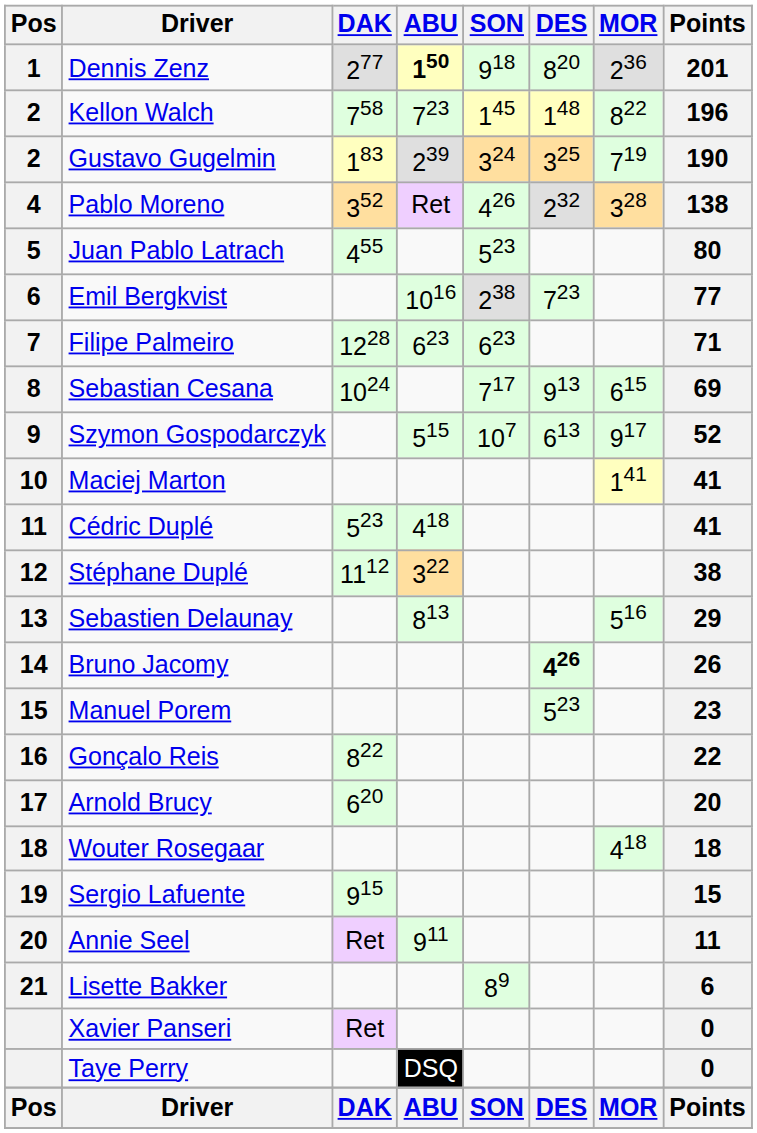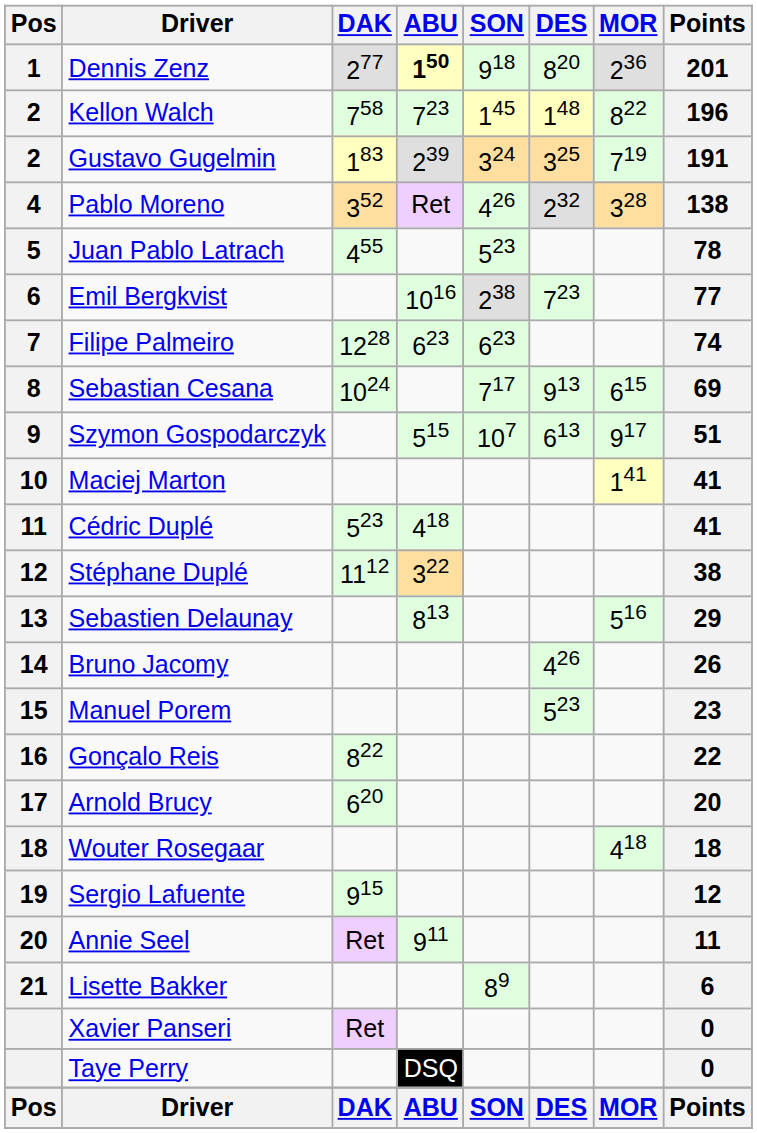 <table class="wikitable" style="font-size: 85%; text-align: center; display: inline-table;">
 <tr valign="top">
 <th valign="middle">Pos</th>
 <th valign="middle">Driver</th>
 <th><a href='#'>DAK</a><br></th>
 <th><a href='#'>ABU</a><br></th>
 <th><a href='#'>SON</a><br></th>
 <th><a href='#'>DES</a><br></th>
 <th><a href='#'>MOR</a><br></th>
 <th valign="middle">Points</th>
 </tr>
 <tr>
 <th>1</th>
 <td align=left> <a href='#'>Dennis Zenz</a></td>
 <td style="background:#dfdfdf;">2<sup>77</sup></td>
 <td style="background:#ffffbf;"><strong>1<sup>50</sup></strong></td>
 <td style="background:#dfffdf;">9<sup>18</sup></td>
 <td style="background:#dfffdf;">8<sup>20</sup></td>
 <td style="background:#dfdfdf;">2<sup>36</sup></td>
 <th>201</th>
 </tr>
 <tr>
 <th>2</th>
 <td align=left> <a href='#'>Kellon Walch</a></td>
 <td style="background:#dfffdf;">7<sup>58</sup></td>
 <td style="background:#dfffdf;">7<sup>23</sup></td>
 <td style="background:#ffffbf;">1<sup>45</sup></td>
 <td style="background:#ffffbf;">1<sup>48</sup></td>
 <td style="background:#dfffdf;">8<sup>22</sup></td>
 <th>196</th>
 </tr>
 <tr>
 <th>2</th>
 <td align=left> <a href='#'>Gustavo Gugelmin</a></td>
 <td style="background:#ffffbf;">1<sup>83</sup></td>
 <td style="background:#dfdfdf;">2<sup>39</sup></td>
 <td style="background:#ffdf9f;">3<sup>24</sup></td>
 <td style="background:#ffdf9f;">3<sup>25</sup></td>
 <td style="background:#dfffdf;">7<sup>19</sup></td>
-<th>190</th>
+<th>191</th>
 </tr>
 <tr>
 <th>4</th>
 <td align=left> <a href='#'>Pablo Moreno</a></td>
 <td style="background:#ffdf9f;">3<sup>52</sup></td>
 <td style="background:#efcfff;">Ret</td>
 <td style="background:#dfffdf;">4<sup>26</sup></td>
 <td style="background:#dfdfdf;">2<sup>32</sup></td>
 <td style="background:#ffdf9f;">3<sup>28</sup></td>
 <th>138</th>
 </tr>
 <tr>
 <th>5</th>
 <td align=left> <a href='#'>Juan Pablo Latrach</a></td>
 <td style="background:#dfffdf;">4<sup>55</sup></td>
 <td></td>
 <td style="background:#dfffdf;">5<sup>23</sup></td>
 <td></td>
 <td></td>
-<th>80</th>
+<th>78</th>
 </tr>
 <tr>
 <th>6</th>
 <td align=left> <a href='#'>Emil Bergkvist</a></td>
 <td></td>
 <td style="background:#dfffdf;">10<sup>16</sup></td>
 <td style="background:#dfdfdf;">2<sup>38</sup></td>
 <td style="background:#dfffdf;">7<sup>23</sup></td>
 <td></td>
 <th>77</th>
 </tr>
 <tr>
 <th>7</th>
 <td align=left> <a href='#'>Filipe Palmeiro</a></td>
 <td style="background:#dfffdf;">12<sup>28</sup></td>
 <td style="background:#dfffdf;">6<sup>23</sup></td>
 <td style="background:#dfffdf;">6<sup>23</sup></td>
 <td></td>
 <td></td>
-<th>71</th>
+<th>74</th>
 </tr>
 <tr>
 <th>8</th>
 <td align=left> <a href='#'>Sebastian Cesana</a></td>
 <td style="background:#dfffdf;">10<sup>24</sup></td>
 <td></td>
 <td style="background:#dfffdf;">7<sup>17</sup></td>
 <td style="background:#dfffdf;">9<sup>13</sup></td>
 <td style="background:#dfffdf;">6<sup>15</sup></td>
 <th>69</th>
 </tr>
 <tr>
 <th>9</th>
 <td align=left> <a href='#'>Szymon Gospodarczyk</a></td>
 <td></td>
 <td style="background:#dfffdf;">5<sup>15</sup></td>
 <td style="background:#dfffdf;">10<sup>7</sup></td>
 <td style="background:#dfffdf;">6<sup>13</sup></td>
 <td style="background:#dfffdf;">9<sup>17</sup></td>
-<th>52</th>
+<th>51</th>
 </tr>
 <tr>
 <th>10</th>
 <td align=left> <a href='#'>Maciej Marton</a></td>
 <td></td>
 <td></td>
 <td></td>
 <td></td>
 <td style="background:#ffffbf;">1<sup>41</sup></td>
 <th>41</th>
 </tr>
 <tr>
 <th>11</th>
 <td align=left> <a href='#'>Cédric Duplé</a></td>
 <td style="background:#dfffdf;">5<sup>23</sup></td>
 <td style="background:#dfffdf;">4<sup>18</sup></td>
 <td></td>
 <td></td>
 <td></td>
 <th>41</th>
 </tr>
 <tr>
 <th>12</th>
 <td align=left> <a href='#'>Stéphane Duplé</a></td>
 <td style="background:#dfffdf;">11<sup>12</sup></td>
 <td style="background:#ffdf9f;">3<sup>22</sup></td>
 <td></td>
 <td></td>
 <td></td>
 <th>38</th>
 </tr>
 <tr>
 <th>13</th>
 <td align=left> <a href='#'>Sebastien Delaunay</a></td>
 <td></td>
 <td style="background:#dfffdf;">8<sup>13</sup></td>
 <td></td>
 <td></td>
 <td style="background:#dfffdf;">5<sup>16</sup></td>
 <th>29</th>
 </tr>
 <tr>
 <th>14</th>
 <td align=left> <a href='#'>Bruno Jacomy</a></td>
 <td></td>
 <td></td>
 <td></td>
-<td style="background:#dfffdf;"><strong>4<sup>26</sup></strong></td>
+<td style="background:#dfffdf;">4<sup>26</sup></td>
 <td></td>
 <th>26</th>
 </tr>
 <tr>
 <th>15</th>
 <td align=left> <a href='#'>Manuel Porem</a></td>
 <td></td>
 <td></td>
 <td></td>
 <td style="background:#dfffdf;">5<sup>23</sup></td>
 <td></td>
 <th>23</th>
 </tr>
 <tr>
 <th>16</th>
 <td align=left> <a href='#'>Gonçalo Reis</a></td>
 <td style="background:#dfffdf;">8<sup>22</sup></td>
 <td></td>
 <td></td>
 <td></td>
 <td></td>
 <th>22</th>
 </tr>
 <tr>
 <th>17</th>
 <td align=left> <a href='#'>Arnold Brucy</a></td>
 <td style="background:#dfffdf;">6<sup>20</sup></td>
 <td></td>
 <td></td>
 <td></td>
 <td></td>
 <th>20</th>
 </tr>
 <tr>
 <th>18</th>
 <td align=left> <a href='#'>Wouter Rosegaar</a></td>
 <td></td>
 <td></td>
 <td></td>
 <td></td>
 <td style="background:#dfffdf;">4<sup>18</sup></td>
 <th>18</th>
 </tr>
 <tr>
 <th>19</th>
 <td align=left> <a href='#'>Sergio Lafuente</a></td>
 <td style="background:#dfffdf;">9<sup>15</sup></td>
 <td></td>
 <td></td>
 <td></td>
 <td></td>
-<th>15</th>
+<th>12</th>
 </tr>
 <tr>
 <th>20</th>
 <td align=left> <a href='#'>Annie Seel</a></td>
 <td style="background:#efcfff;">Ret</td>
 <td style="background:#dfffdf;">9<sup>11</sup></td>
 <td></td>
 <td></td>
 <td></td>
 <th>11</th>
 </tr>
 <tr>
 <th>21</th>
 <td align=left> <a href='#'>Lisette Bakker</a></td>
 <td></td>
 <td></td>
 <td style="background:#dfffdf;">8<sup>9</sup></td>
 <td></td>
 <td></td>
 <th>6</th>
 </tr>
 <tr>
 <th></th>
 <td align=left> <a href='#'>Xavier Panseri</a></td>
 <td style="background:#efcfff;">Ret</td>
 <td></td>
 <td></td>
 <td></td>
 <td></td>
 <th>0</th>
 </tr>
 <tr>
 <th></th>
 <td align=left> <a href='#'>Taye Perry</a></td>
 <td></td>
 <td style="background-color:#000000;color:white">DSQ</td>
 <td></td>
 <td></td>
 <td></td>
 <th>0</th>
 </tr>
 <tr>
 </tr>
 <tr valign="top">
 <th valign="middle">Pos</th>
 <th valign="middle">Driver</th>
 <th><a href='#'>DAK</a><br></th>
 <th><a href='#'>ABU</a><br></th>
 <th><a href='#'>SON</a><br></th>
 <th><a href='#'>DES</a><br></th>
 <th><a href='#'>MOR</a><br></th>
 <th valign="middle">Points</th>
 </tr>
 <tr>
 </tr>
 </table>
